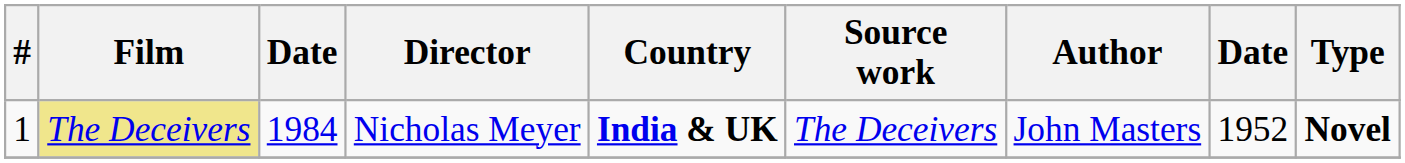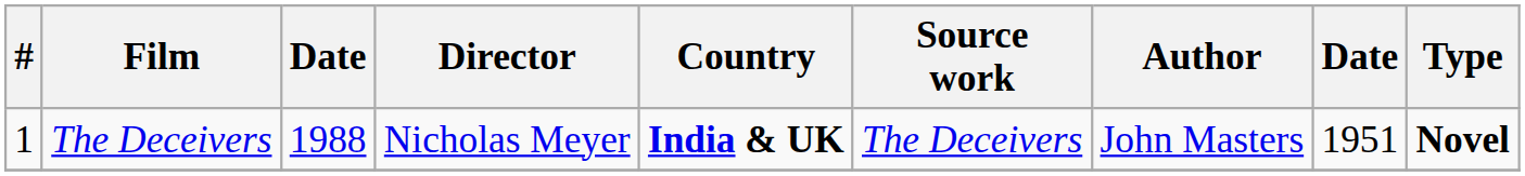 <table class="wikitable">
 <tr>
 <th>#</th>
 <th>Film</th>
 <th>Date</th>
 <th>Director</th>
 <th>Country</th>
 <th>Source<br>work</th>
 <th>Author</th>
 <th>Date</th>
 <th>Type</th>
 </tr>
 <tr>
 <td>1</td>
-<td style="background: khaki;"><em><a href='#'>The Deceivers</a></em></td>
-<td><a href='#'>1984</a></td>
+<td><em><a href='#'>The Deceivers</a></em></td>
+<td><a href='#'>1988</a></td>
 <td><a href='#'>Nicholas Meyer</a></td>
 <td><strong><a href='#'>India</a> & UK</strong></td>
 <td><em><a href='#'>The Deceivers</a></em></td>
 <td><a href='#'>John Masters</a></td>
-<td>1952</td>
+<td>1951</td>
 <td><strong>Novel</strong></td>
 </tr>
 <tr>
 </tr>
 </table>
